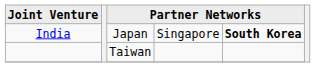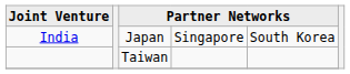 <table class="wikitable" style="float:right; margin-left:1em; text-align: center;">
 <tr>
 <th style="background:#ececec;" colspan="1">Joint Venture</th>
 <th rowspan=4></th>
 <th style="background:#ececec;" colspan="3">Partner Networks</th>
 <th rowspan=4></th>
 </tr>
 <tr>
 <td><a href='#'>India</a></td>
 <td>Japan</td>
 <td>Singapore</td>
-<td><strong>South Korea</strong></td>
+<td>South Korea</td>
 </tr>
 <tr>
 <td></td>
 <td>Taiwan</td>
 <td></td>
 <td></td>
 </tr>
 <tr>
 </tr>
 </table>
